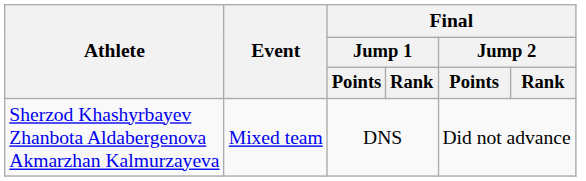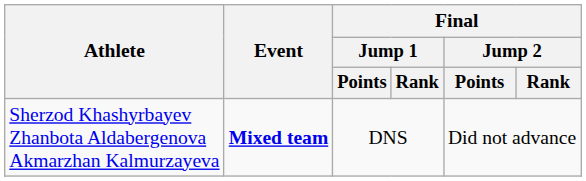 <table class=wikitable style=font-size:90%;text-align:center>
 <tr>
 <th rowspan=3>Athlete</th>
 <th rowspan=3>Event</th>
 <th colspan=6>Final</th>
 </tr>
 <tr style=font-size:95%>
 <th colspan=2>Jump 1</th>
 <th colspan=2>Jump 2</th>
 </tr>
 <tr style=font-size:95%>
 <th>Points</th>
 <th>Rank</th>
 <th>Points</th>
 <th>Rank</th>
 </tr>
 <tr>
 <td align=left><a href='#'>Sherzod Khashyrbayev</a><br><a href='#'>Zhanbota Aldabergenova</a><br><a href='#'>Akmarzhan Kalmurzayeva</a></td>
-<td align=left><a href='#'>Mixed team</a></td>
+<td align=left><strong><a href='#'>Mixed team</a></strong></td>
 <td colspan=2>DNS</td>
 <td colspan=2>Did not advance</td>
 </tr>
 </table>
